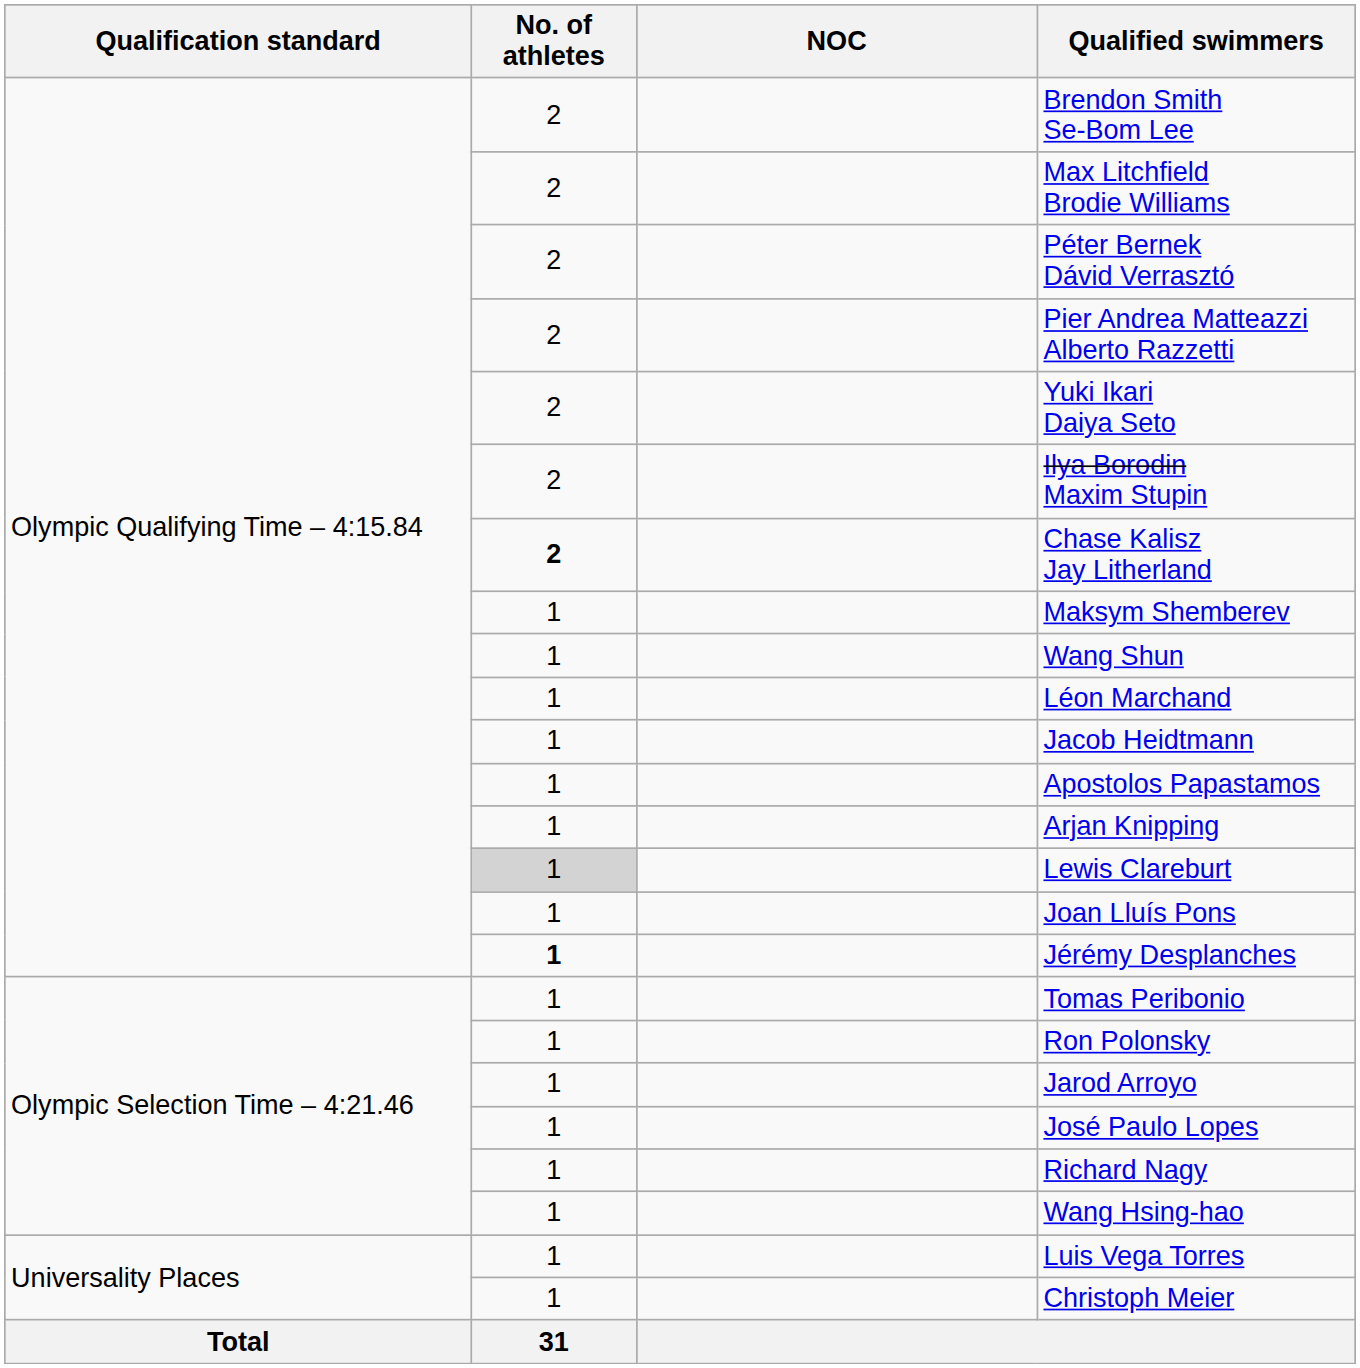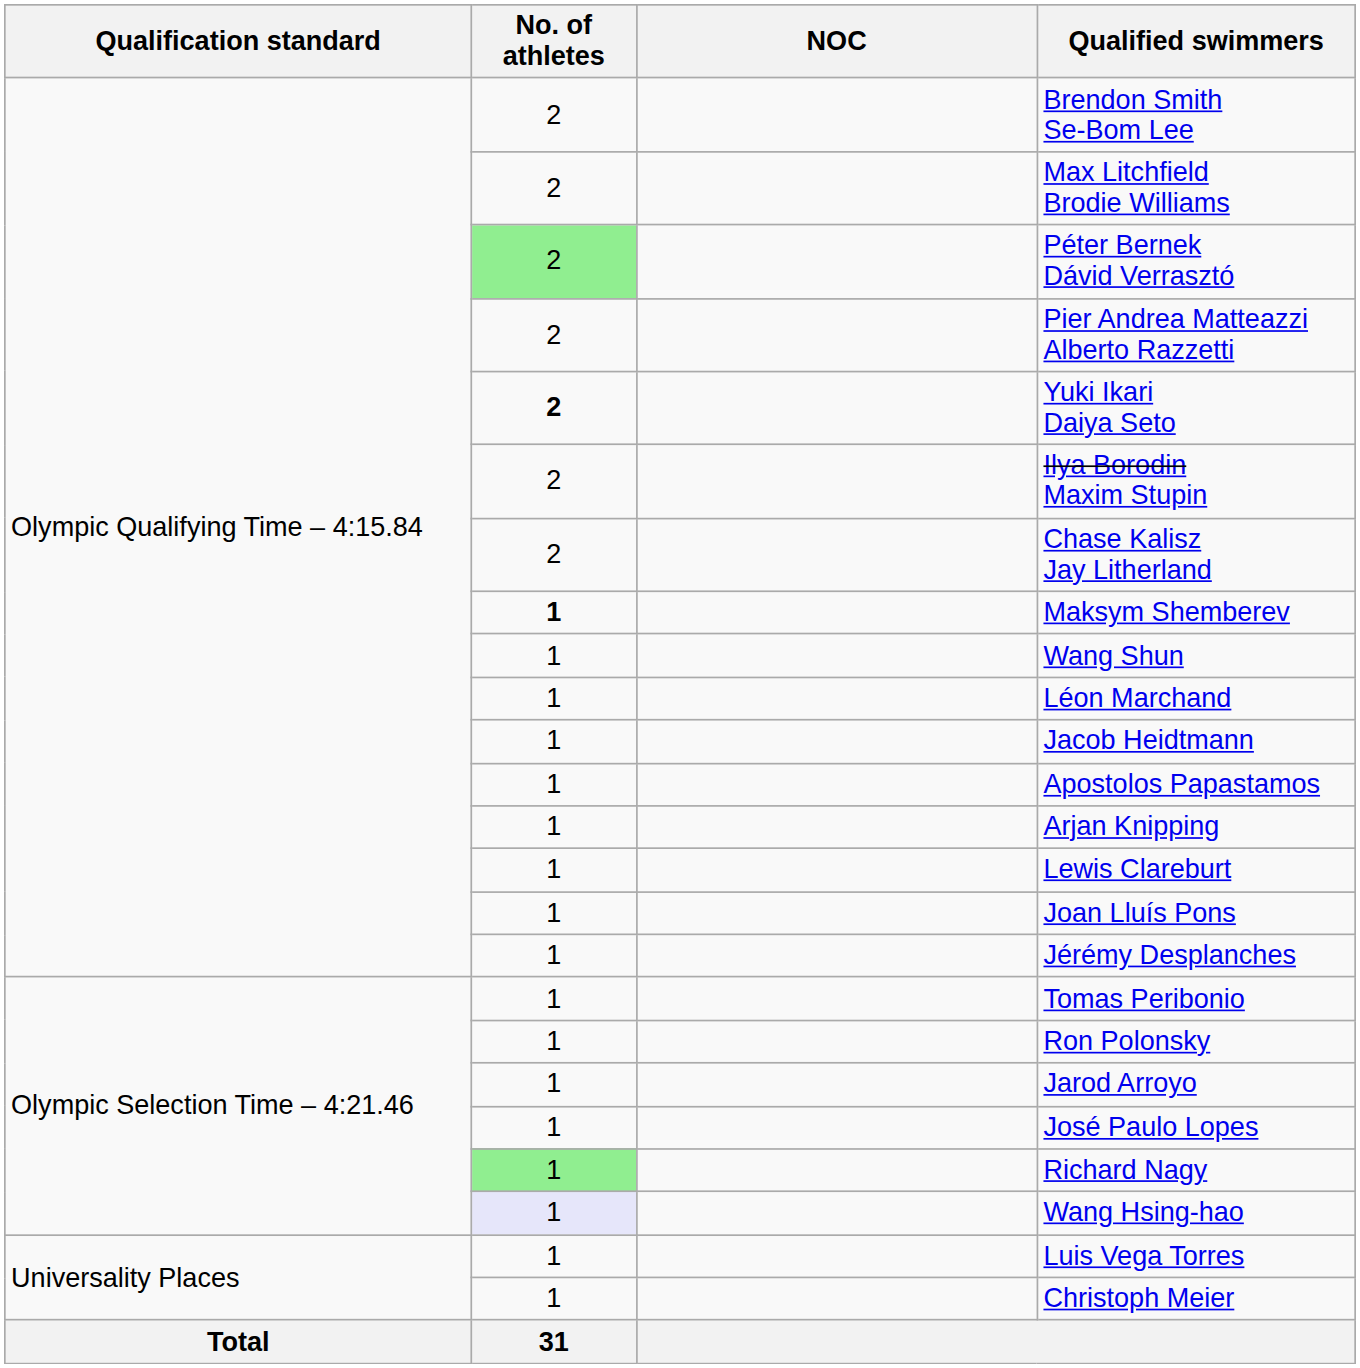 <table class=wikitable style="text-align:left" width=800>
 <tr>
 <th>Qualification standard</th>
 <th width=90>No. of athletes</th>
 <th width=230>NOC</th>
 <th>Qualified swimmers</th>
 </tr>
 <tr>
 <td rowspan="16”">Olympic Qualifying Time – 4:15.84</td>
 <td align=center>2</td>
 <td></td>
 <td><a href='#'>Brendon Smith</a><br><a href='#'>Se-Bom Lee</a></td>
 </tr>
 <tr>
 <td align=center>2</td>
 <td></td>
 <td><a href='#'>Max Litchfield</a><br><a href='#'>Brodie Williams</a></td>
 </tr>
 <tr>
-<td align=center>2</td>
+<td align=center style="background: lightgreen;">2</td>
 <td></td>
 <td><a href='#'>Péter Bernek</a><br><a href='#'>Dávid Verrasztó</a></td>
 </tr>
 <tr>
 <td align="center">2</td>
 <td></td>
 <td><a href='#'>Pier Andrea Matteazzi</a><br><a href='#'>Alberto Razzetti</a></td>
 </tr>
 <tr>
-<td align=center>2</td>
+<td align=center><strong>2</strong></td>
 <td></td>
 <td><a href='#'>Yuki Ikari</a><br><a href='#'>Daiya Seto</a></td>
 </tr>
 <tr>
 <td align=center>2</td>
 <td></td>
 <td><s><a href='#'>Ilya Borodin</a></s><br><a href='#'>Maxim Stupin</a></td>
 </tr>
 <tr>
-<td align=center><strong>2</strong></td>
+<td align=center>2</td>
 <td></td>
 <td><a href='#'>Chase Kalisz</a><br><a href='#'>Jay Litherland</a></td>
 </tr>
 <tr>
-<td align=center>1</td>
+<td align=center><strong>1</strong></td>
 <td></td>
 <td><a href='#'>Maksym Shemberev</a></td>
 </tr>
 <tr>
 <td align=center>1</td>
 <td></td>
 <td><a href='#'>Wang Shun</a></td>
 </tr>
 <tr>
 <td align=center>1</td>
 <td></td>
 <td><a href='#'>Léon Marchand</a></td>
 </tr>
 <tr>
 <td align=center>1</td>
 <td></td>
 <td><a href='#'>Jacob Heidtmann</a></td>
 </tr>
 <tr>
 <td align=center>1</td>
 <td></td>
 <td><a href='#'>Apostolos Papastamos</a></td>
 </tr>
 <tr>
 <td align=center>1</td>
 <td></td>
 <td><a href='#'>Arjan Knipping</a></td>
 </tr>
 <tr>
-<td align=center style="background: lightgrey;">1</td>
+<td align=center>1</td>
 <td></td>
 <td><a href='#'>Lewis Clareburt</a></td>
 </tr>
 <tr>
 <td align=center>1</td>
 <td></td>
 <td><a href='#'>Joan Lluís Pons</a></td>
 </tr>
 <tr>
-<td align=center><strong>1</strong></td>
+<td align=center>1</td>
 <td></td>
 <td><a href='#'>Jérémy Desplanches</a></td>
 </tr>
 <tr>
 <td rowspan=6>Olympic Selection Time – 4:21.46</td>
 <td align=center>1</td>
 <td></td>
 <td><a href='#'>Tomas Peribonio</a></td>
 </tr>
 <tr>
 <td align=center>1</td>
 <td></td>
 <td><a href='#'>Ron Polonsky</a></td>
 </tr>
 <tr>
 <td align=center>1</td>
 <td></td>
 <td><a href='#'>Jarod Arroyo</a></td>
 </tr>
 <tr>
 <td align=center>1</td>
 <td></td>
 <td><a href='#'>José Paulo Lopes</a></td>
 </tr>
 <tr>
-<td align=center>1</td>
+<td align=center style="background: lightgreen;">1</td>
 <td></td>
 <td><a href='#'>Richard Nagy</a></td>
 </tr>
 <tr>
-<td align=center>1</td>
+<td align=center style="background: lavender;">1</td>
 <td></td>
 <td><a href='#'>Wang Hsing-hao</a></td>
 </tr>
 <tr>
 <td rowspan=2>Universality Places</td>
 <td align=center>1</td>
 <td></td>
 <td><a href='#'>Luis Vega Torres</a></td>
 </tr>
 <tr>
 <td align=center>1</td>
 <td></td>
 <td><a href='#'>Christoph Meier</a></td>
 </tr>
 <tr>
 <th><strong>Total</strong></th>
 <th>31</th>
 <th colspan=2></th>
 </tr>
 </table>
